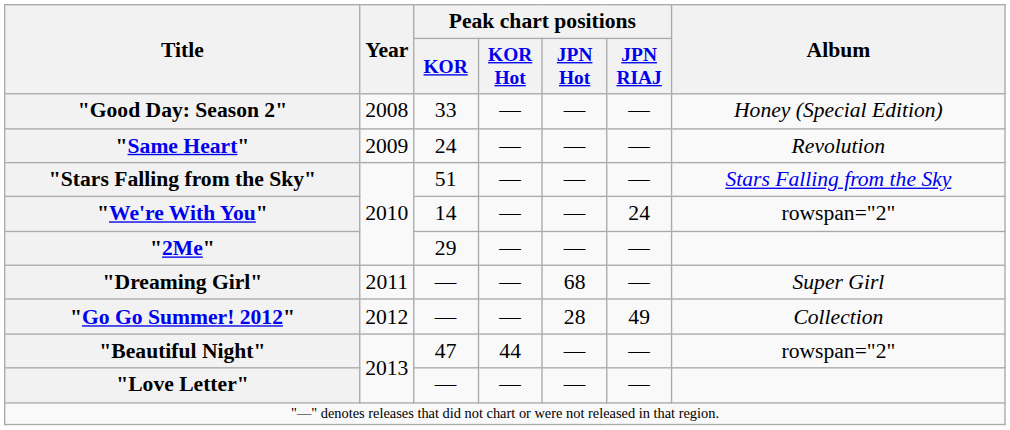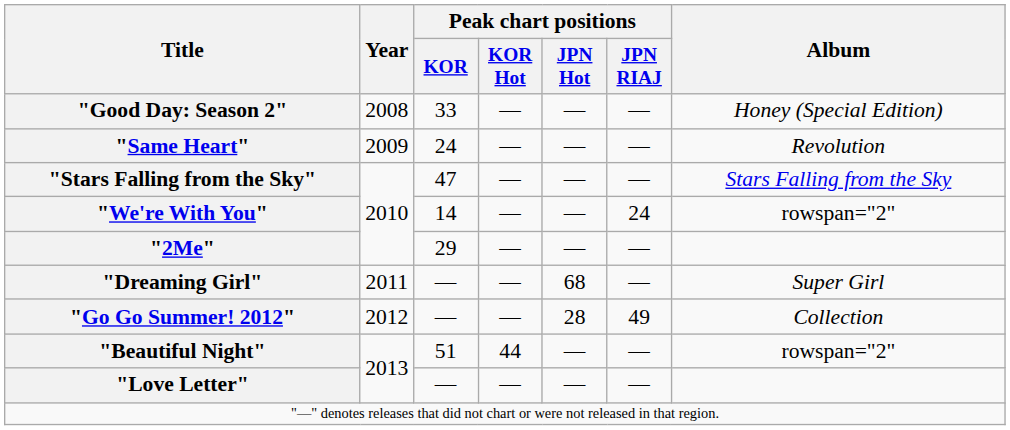 <table class="wikitable plainrowheaders" style="text-align:center;">
 <tr>
 <th scope="col" rowspan="2" style="width:16em;">Title</th>
 <th scope="col" rowspan="2">Year</th>
 <th scope="col" colspan="4">Peak chart positions</th>
 <th scope="col" rowspan="2" style="width:15em;">Album</th>
 </tr>
 <tr>
 <th style="width:2.85em;font-size:90%;"><a href='#'>KOR</a><br></th>
 <th style="width:2.85em;font-size:90%;"><a href='#'>KOR<br>Hot</a><br></th>
 <th style="width:2.85em;font-size:90%;"><a href='#'>JPN<br>Hot</a><br></th>
 <th style="width:2.85em;font-size:90%;"><a href='#'>JPN<br>RIAJ</a><br></th>
 </tr>
 <tr>
 <th scope="row">"Good Day: Season 2"</th>
 <td>2008</td>
 <td>33</td>
 <td>—</td>
 <td>—</td>
 <td>—</td>
 <td><em>Honey (Special Edition)</em></td>
 </tr>
 <tr>
 <th scope="row">"<a href='#'>Same Heart</a>"</th>
 <td>2009</td>
 <td>24</td>
 <td>—</td>
 <td>—</td>
 <td>—</td>
 <td><em>Revolution</em></td>
 </tr>
 <tr>
 <th scope="row">"Stars Falling from the Sky"</th>
 <td rowspan="3">2010</td>
-<td>51</td>
+<td>47</td>
 <td>—</td>
 <td>—</td>
 <td>—</td>
 <td><em><a href='#'>Stars Falling from the Sky</a></em></td>
 </tr>
 <tr>
 <th scope="row">"<a href='#'>We're With You</a>"</th>
 <td>14</td>
 <td>—</td>
 <td>—</td>
 <td>24</td>
 <td>rowspan="2" </td>
 </tr>
 <tr>
 <th scope="row">"<a href='#'>2Me</a>"</th>
 <td>29</td>
 <td>—</td>
 <td>—</td>
 <td>—</td>
 </tr>
 <tr>
 <th scope="row">"Dreaming Girl"</th>
 <td>2011</td>
 <td>—</td>
 <td>—</td>
 <td>68</td>
 <td>—</td>
 <td rowspan="1"><em>Super Girl</em></td>
 </tr>
 <tr>
 <th scope="row">"<a href='#'>Go Go Summer! 2012</a>"</th>
 <td>2012</td>
 <td>—</td>
 <td>—</td>
 <td>28</td>
 <td>49</td>
 <td><em>Collection</em></td>
 </tr>
 <tr>
 <th scope="row">"Beautiful Night"</th>
 <td rowspan="2">2013</td>
-<td>47</td>
+<td>51</td>
 <td>44</td>
 <td>—</td>
 <td>—</td>
 <td>rowspan="2" </td>
 </tr>
 <tr>
 <th scope="row">"Love Letter"</th>
 <td>—</td>
 <td>—</td>
 <td>—</td>
 <td>—</td>
 </tr>
 <tr>
 <td colspan="15" style="text-align:center; font-size:8pt;">"—" denotes releases that did not chart or were not released in that region.</td>
 </tr>
 </table>
